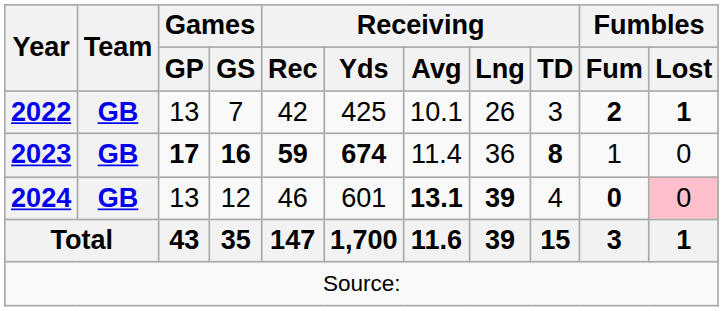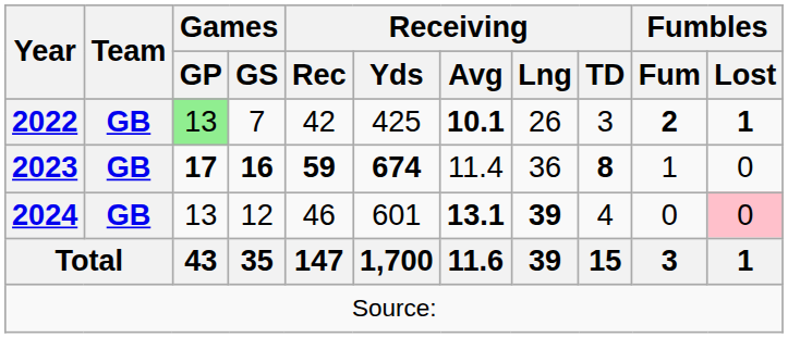 <table class="wikitable" style="text-align: center;">
 <tr>
 <th rowspan="2">Year</th>
 <th rowspan="2">Team</th>
 <th colspan="2">Games</th>
 <th colspan="5">Receiving</th>
 <th colspan="2">Fumbles</th>
 </tr>
 <tr>
 <th>GP</th>
 <th>GS</th>
 <th>Rec</th>
 <th>Yds</th>
 <th>Avg</th>
 <th>Lng</th>
 <th>TD</th>
 <th>Fum</th>
 <th>Lost</th>
 </tr>
 <tr>
 <th><a href='#'>2022</a></th>
 <th><a href='#'>GB</a></th>
-<td>13</td>
+<td style="background: lightgreen;">13</td>
 <td>7</td>
 <td>42</td>
 <td>425</td>
-<td>10.1</td>
+<td><strong>10.1</strong></td>
 <td>26</td>
 <td>3</td>
 <td><strong>2</strong></td>
 <td><strong>1</strong></td>
 </tr>
 <tr>
 <th><a href='#'>2023</a></th>
 <th><a href='#'>GB</a></th>
 <td><strong>17</strong></td>
 <td><strong>16</strong></td>
 <td><strong>59</strong></td>
 <td><strong>674</strong></td>
 <td>11.4</td>
 <td>36</td>
 <td><strong>8</strong></td>
 <td>1</td>
 <td>0</td>
 </tr>
 <tr>
 <th><a href='#'>2024</a></th>
 <th><a href='#'>GB</a></th>
 <td>13</td>
 <td>12</td>
 <td>46</td>
 <td>601</td>
 <td><strong>13.1</strong></td>
 <td><strong>39</strong></td>
 <td>4</td>
-<td><strong>0</strong></td>
+<td>0</td>
 <td style="background: pink;">0</td>
 </tr>
 <tr>
 <th colspan="2">Total</th>
 <th>43</th>
 <th>35</th>
 <th>147</th>
 <th>1,700</th>
 <th>11.6</th>
 <th>39</th>
 <th>15</th>
 <th>3</th>
 <th>1</th>
 </tr>
 <tr>
 <td colspan="11"><small>Source: </small></td>
 </tr>
 </table>
